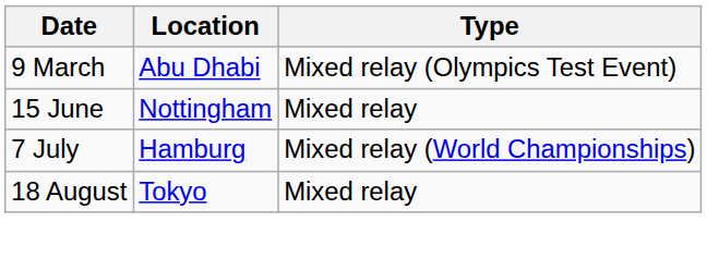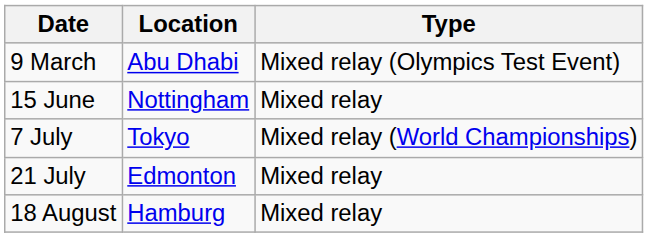 <table class="wikitable" style="display:inline-table;">
 <tr>
 <th>Date</th>
 <th>Location</th>
 <th>Type</th>
 </tr>
 <tr>
 <td>9 March</td>
 <td> <a href='#'>Abu Dhabi</a></td>
 <td>Mixed relay (Olympics Test Event)</td>
 </tr>
 <tr>
 <td>15 June</td>
 <td> <a href='#'>Nottingham</a></td>
 <td>Mixed relay</td>
 </tr>
 <tr>
 <td>7 July</td>
-<td> <a href='#'>Hamburg</a></td>
+<td><a href='#'>Tokyo</a></td>
 <td>Mixed relay (<a href='#'>World Championships</a>)</td>
 </tr>
 <tr>
+<td>21 July</td>
+<td> <a href='#'>Edmonton</a></td>
+<td>Mixed relay</td>
+</tr>
+<tr>
 <td>18 August</td>
-<td><a href='#'>Tokyo</a></td>
+<td> <a href='#'>Hamburg</a></td>
 <td>Mixed relay</td>
 </tr>
 </table>
